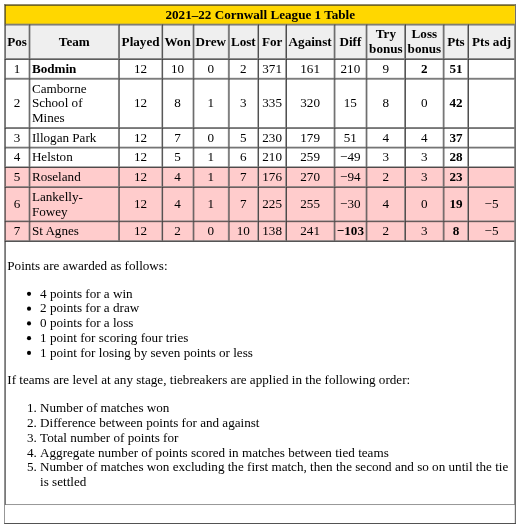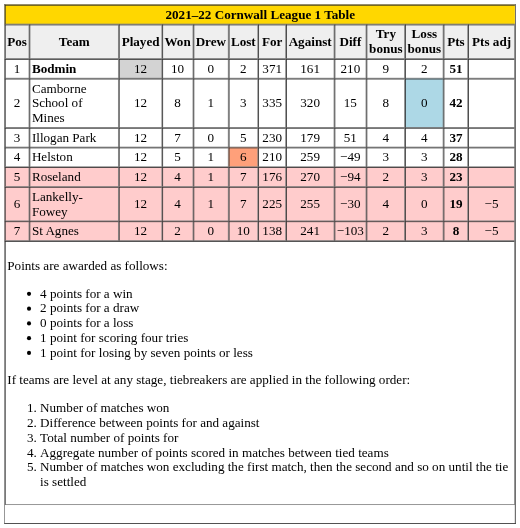 <table border="1" cellpadding="2" cellspacing="0">
 <tr bgcolor="gold">
 <th colspan=13 style="border-right:0px;";>2021–22 Cornwall League 1 Table</th>
 </tr>
 <tr bgcolor="#efefef">
 <th width="20">Pos</th>
 <th width="180">Team</th>
 <th width="25">Played</th>
 <th width="25">Won</th>
 <th width="25">Drew</th>
 <th width="25">Lost</th>
 <th width="35">For</th>
 <th width="35">Against</th>
 <th width="35">Diff</th>
 <th width="35">Try bonus</th>
 <th width="35">Loss bonus</th>
 <th width="30">Pts</th>
 <th width="110">Pts adj</th>
 </tr>
 <tr align=center>
 <td>1</td>
 <td align=left><strong>Bodmin</strong></td>
-<td>12</td>
+<td style="background: lightgrey;">12</td>
 <td>10</td>
 <td>0</td>
 <td>2</td>
 <td>371</td>
 <td>161</td>
 <td>210</td>
 <td>9</td>
-<td><strong>2</strong></td>
+<td>2</td>
 <td><strong>51</strong></td>
 <td></td>
 </tr>
 <tr align=center>
 <td>2</td>
 <td align=left>Camborne School of Mines</td>
 <td>12</td>
 <td>8</td>
 <td>1</td>
 <td>3</td>
 <td>335</td>
 <td>320</td>
 <td>15</td>
 <td>8</td>
-<td>0</td>
+<td style="background: lightblue;">0</td>
 <td><strong>42</strong></td>
 <td></td>
 </tr>
 <tr align=center>
 <td>3</td>
 <td align=left>Illogan Park</td>
 <td>12</td>
 <td>7</td>
 <td>0</td>
 <td>5</td>
 <td>230</td>
 <td>179</td>
 <td>51</td>
 <td>4</td>
 <td>4</td>
 <td><strong>37</strong></td>
 <td></td>
 </tr>
 <tr align=center>
 <td>4</td>
 <td align=left>Helston</td>
 <td>12</td>
 <td>5</td>
 <td>1</td>
-<td>6</td>
+<td style="background: lightsalmon;">6</td>
 <td>210</td>
 <td>259</td>
 <td>−49</td>
 <td>3</td>
 <td>3</td>
 <td><strong>28</strong></td>
 <td></td>
 </tr>
 <tr bgcolor=#ffcccc align=center>
 <td>5</td>
 <td align=left>Roseland</td>
 <td>12</td>
 <td>4</td>
 <td>1</td>
 <td>7</td>
 <td>176</td>
 <td>270</td>
 <td>−94</td>
 <td>2</td>
 <td>3</td>
 <td><strong>23</strong></td>
 <td></td>
 </tr>
 <tr bgcolor=#ffcccc align=center>
 <td>6</td>
 <td align=left>Lankelly-Fowey</td>
 <td>12</td>
 <td>4</td>
 <td>1</td>
 <td>7</td>
 <td>225</td>
 <td>255</td>
 <td>−30</td>
 <td>4</td>
 <td>0</td>
 <td><strong>19</strong></td>
 <td>−5</td>
 </tr>
 <tr bgcolor=#ffcccc align=center>
 <td>7</td>
 <td align=left>St Agnes</td>
 <td>12</td>
 <td>2</td>
 <td>0</td>
 <td>10</td>
 <td>138</td>
 <td>241</td>
-<td><strong>−103</strong></td>
+<td>−103</td>
 <td>2</td>
 <td>3</td>
 <td><strong>8</strong></td>
 <td>−5</td>
 </tr>
 <tr align=center>
 </tr>
 <tr bgcolor=#ffffff>
 <td colspan="13"><br>Points are awarded as follows:<ul><li>4 points for a win</li><li>2 points for a draw</li><li>0 points for a loss</li><li>1 point for scoring four tries</li><li>1 point for losing by seven points or less</li></ul>If teams are level at any stage, tiebreakers are applied in the following order:<ol><li>Number of matches won</li><li>Difference between points for and against</li><li>Total number of points for</li><li>Aggregate number of points scored in matches between tied teams</li><li>Number of matches won excluding the first match, then the second and so on until the tie is settled</li></ol></td>
 </tr>
 <tr |align=left|>
 <td colspan="15" style="border:0px"><br></td>
 </tr>
 </table>
